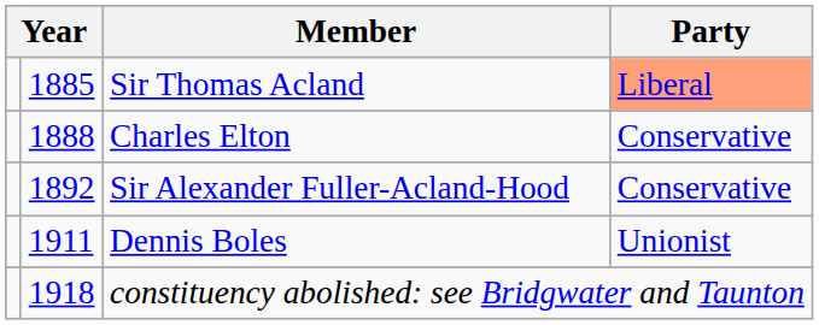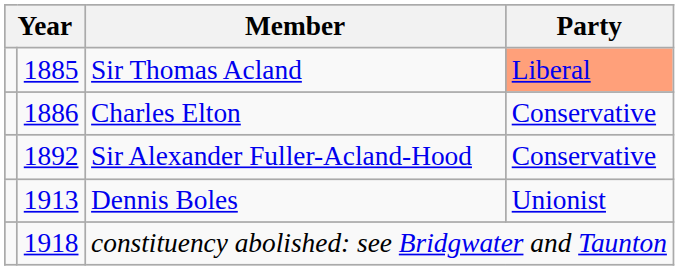 <table class="wikitable">
 <tr>
 <th colspan="2">Year</th>
 <th>Member</th>
 <th>Party</th>
 </tr>
 <tr>
 <td style="color:inherit;background-color: "></td>
 <td><a href='#'>1885</a></td>
 <td><a href='#'>Sir Thomas Acland</a></td>
 <td style="background: lightsalmon;"><a href='#'>Liberal</a></td>
 </tr>
 <tr>
 <td style="color:inherit;background-color: "></td>
-<td><a href='#'>1888</a></td>
+<td><a href='#'>1886</a></td>
 <td><a href='#'>Charles Elton</a></td>
 <td><a href='#'>Conservative</a></td>
 </tr>
 <tr>
 <td style="color:inherit;background-color: "></td>
 <td><a href='#'>1892</a></td>
 <td><a href='#'>Sir Alexander Fuller-Acland-Hood</a></td>
 <td><a href='#'>Conservative</a></td>
 </tr>
 <tr>
 <td style="color:inherit;background-color: "></td>
-<td><a href='#'>1911</a></td>
+<td><a href='#'>1913</a></td>
 <td><a href='#'>Dennis Boles</a></td>
 <td><a href='#'>Unionist</a></td>
 </tr>
 <tr>
 <td></td>
 <td><a href='#'>1918</a></td>
 <td colspan="2"><em>constituency abolished: see <a href='#'>Bridgwater</a> and <a href='#'>Taunton</a></em></td>
 </tr>
 </table>
